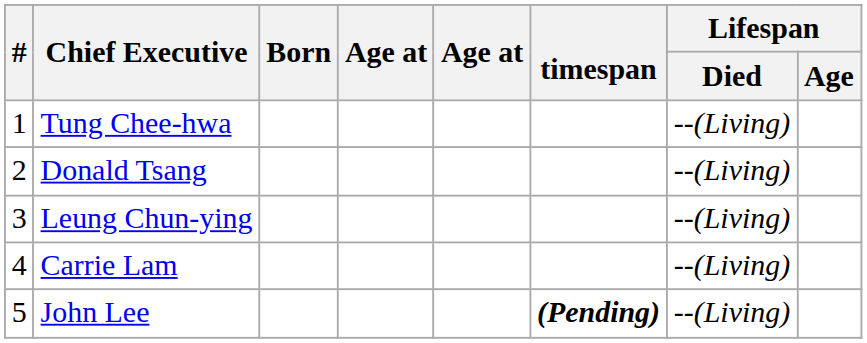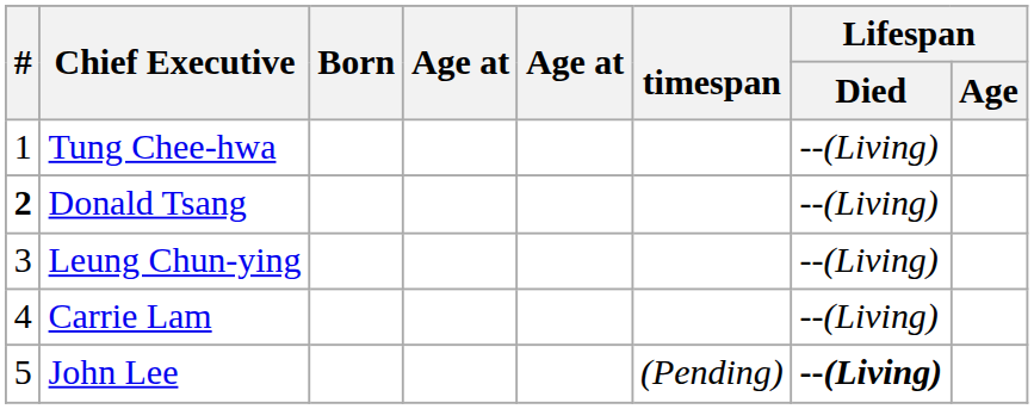 <table class="sortable wikitable">
 <tr>
 <th rowspan=2><abbr>#</abbr></th>
 <th rowspan=2>Chief Executive</th>
 <th rowspan=2>Born</th>
 <th rowspan=2>Age at<br></th>
 <th rowspan=2>Age at<br></th>
 <th rowspan=2><br>timespan</th>
 <th colspan=2>Lifespan</th>
 </tr>
 <tr>
 <th>Died</th>
 <th>Age</th>
 </tr>
 <tr style="text-align: left; background:#FFFFFF">
 <td>1</td>
 <td data-sort-value="Tung, Chee-hwa"><a href='#'>Tung Chee-hwa</a></td>
 <td></td>
 <td><br></td>
 <td><br></td>
 <td><em></em></td>
 <td><span>--</span><em>(Living)</em></td>
 <td><em></em></td>
 </tr>
 <tr style="text-align: left; background:#FFFFFF">
-<td>2</td>
+<td><strong>2</strong></td>
 <td data-sort-value="Tsang, Donald"><a href='#'>Donald Tsang</a></td>
 <td></td>
 <td><br></td>
 <td><br></td>
 <td><em></em></td>
 <td><span>--</span><em>(Living)</em></td>
 <td><em></em></td>
 </tr>
 <tr style="text-align: left; background:#FFFFFF">
 <td>3</td>
 <td data-sort-value="Leung, Chun-ying"><a href='#'>Leung Chun-ying</a></td>
 <td></td>
 <td><br></td>
 <td><br></td>
 <td><em></em></td>
 <td><span>--</span><em>(Living)</em></td>
 <td><em></em></td>
 </tr>
 <tr style="text-align: left; background:#FFFFFF">
 <td>4</td>
 <td data-sort-value="Lam, Carrie"><a href='#'>Carrie Lam</a></td>
 <td></td>
 <td><br></td>
 <td><br></td>
 <td><em></em></td>
 <td><span>--</span><em>(Living)</em></td>
 <td><em></em></td>
 </tr>
 <tr style="text-align: left; background:#FFFFFF">
 <td>5</td>
 <td data-sort-value="Lee, John"><a href='#'>John Lee</a></td>
 <td></td>
 <td><br></td>
 <td><br></td>
-<td><strong><em>(Pending)</em></strong></td>
-<td><span>--</span><em>(Living)</em></td>
+<td><em>(Pending)</em></td>
+<td><strong><span>--</span><em>(Living)</em></strong></td>
 <td><em></em></td>
 </tr>
 </table>
